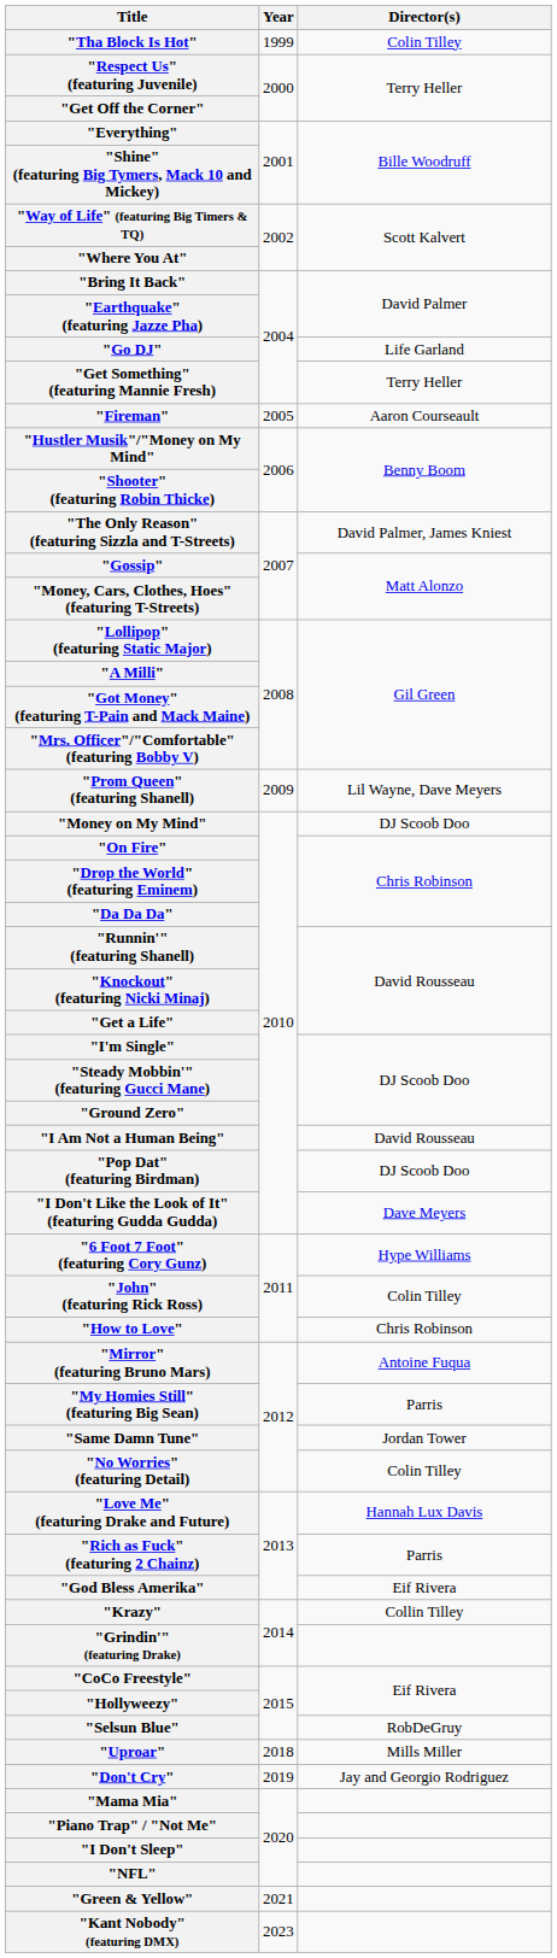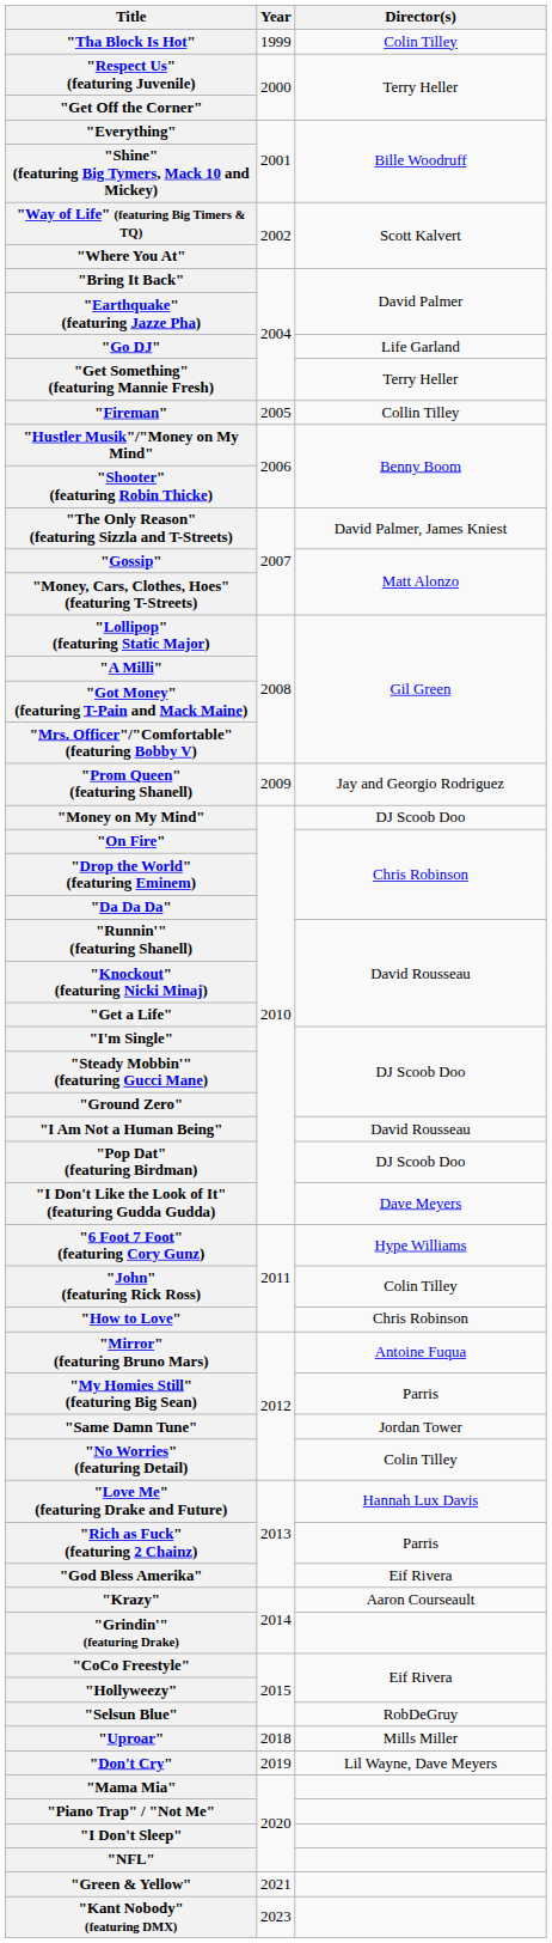 <table class="wikitable plainrowheaders" style="text-align:center;">
 <tr>
 <th scope="col" style="width:16em;">Title</th>
 <th scope="col">Year</th>
 <th scope="col" style="width:16em;">Director(s)</th>
 </tr>
 <tr>
 <th scope="row">"<a href='#'>Tha Block Is Hot</a>"</th>
 <td>1999</td>
 <td><a href='#'>Colin Tilley</a></td>
 </tr>
 <tr>
 <th scope="row">"<a href='#'>Respect Us</a>"<br><span>(featuring Juvenile)</span></th>
 <td rowspan="2">2000</td>
 <td rowspan="2">Terry Heller</td>
 </tr>
 <tr>
 <th scope="row">"Get Off the Corner"</th>
 </tr>
 <tr>
 <th scope="row">"Everything"</th>
 <td rowspan="2">2001</td>
 <td rowspan="2"><a href='#'>Bille Woodruff</a></td>
 </tr>
 <tr>
 <th scope="row">"Shine"<br><span>(featuring <a href='#'>Big Tymers</a>, <a href='#'>Mack 10</a> and Mickey)</span></th>
 </tr>
 <tr>
 <th scope="row">"<a href='#'>Way of Life</a>" <small>(featuring Big Timers & TQ)</small></th>
 <td rowspan="2">2002</td>
 <td rowspan="2">Scott Kalvert</td>
 </tr>
 <tr>
 <th scope="row">"Where You At"</th>
 </tr>
 <tr>
 <th scope="row">"Bring It Back"</th>
 <td rowspan="4">2004</td>
 <td rowspan="2">David Palmer</td>
 </tr>
 <tr>
 <th scope="row">"<a href='#'>Earthquake</a>"<br><span>(featuring <a href='#'>Jazze Pha</a>)</span></th>
 </tr>
 <tr>
 <th scope="row">"<a href='#'>Go DJ</a>"</th>
 <td>Life Garland</td>
 </tr>
 <tr>
 <th scope="row">"Get Something"<br><span>(featuring Mannie Fresh)</span></th>
 <td>Terry Heller</td>
 </tr>
 <tr>
 <th scope="row">"<a href='#'>Fireman</a>"</th>
 <td>2005</td>
-<td>Aaron Courseault</td>
+<td>Collin Tilley</td>
 </tr>
 <tr>
 <th scope="row">"<a href='#'>Hustler Musik</a>"/"Money on My Mind"</th>
 <td rowspan="2">2006</td>
 <td rowspan="2"><a href='#'>Benny Boom</a></td>
 </tr>
 <tr>
 <th scope="row">"<a href='#'>Shooter</a>"<br><span>(featuring <a href='#'>Robin Thicke</a>)</span></th>
 </tr>
 <tr>
 <th scope="row">"The Only Reason"<br><span>(featuring Sizzla and T-Streets)</span></th>
 <td rowspan="3">2007</td>
 <td>David Palmer, James Kniest</td>
 </tr>
 <tr>
 <th scope="row">"<a href='#'>Gossip</a>"</th>
 <td rowspan="2"><a href='#'>Matt Alonzo</a></td>
 </tr>
 <tr>
 <th scope="row">"Money, Cars, Clothes, Hoes"<br><span>(featuring T-Streets)</span></th>
 </tr>
 <tr>
 <th scope="row">"<a href='#'>Lollipop</a>"<br><span>(featuring <a href='#'>Static Major</a>)</span></th>
 <td rowspan="4">2008</td>
 <td rowspan="4"><a href='#'>Gil Green</a></td>
 </tr>
 <tr>
 <th scope="row">"<a href='#'>A Milli</a>"</th>
 </tr>
 <tr>
 <th scope="row">"<a href='#'>Got Money</a>"<br><span>(featuring <a href='#'>T-Pain</a> and <a href='#'>Mack Maine</a>)</span></th>
 </tr>
 <tr>
 <th scope="row">"<a href='#'>Mrs. Officer</a>"/"Comfortable"<br><span>(featuring <a href='#'>Bobby V</a>)</span></th>
 </tr>
 <tr>
 <th scope="row">"<a href='#'>Prom Queen</a>"<br><span>(featuring Shanell)</span></th>
 <td>2009</td>
-<td>Lil Wayne, Dave Meyers</td>
+<td>Jay and Georgio Rodriguez</td>
 </tr>
 <tr>
 <th scope="row">"Money on My Mind"</th>
 <td rowspan="13">2010</td>
 <td>DJ Scoob Doo</td>
 </tr>
 <tr>
 <th scope="row">"<a href='#'>On Fire</a>"</th>
 <td rowspan="3"><a href='#'>Chris Robinson</a></td>
 </tr>
 <tr>
 <th scope="row">"<a href='#'>Drop the World</a>"<br><span>(featuring <a href='#'>Eminem</a>)</span></th>
 </tr>
 <tr>
 <th scope="row">"<a href='#'>Da Da Da</a>"</th>
 </tr>
 <tr>
 <th scope="row">"Runnin'"<br><span>(featuring Shanell)</span></th>
 <td rowspan="3">David Rousseau</td>
 </tr>
 <tr>
 <th scope="row">"<a href='#'>Knockout</a>"<br><span>(featuring <a href='#'>Nicki Minaj</a>)</span></th>
 </tr>
 <tr>
 <th scope="row">"Get a Life"</th>
 </tr>
 <tr>
 <th scope="row">"I'm Single"</th>
 <td rowspan="3">DJ Scoob Doo</td>
 </tr>
 <tr>
 <th scope="row">"Steady Mobbin'"<br><span>(featuring <a href='#'>Gucci Mane</a>)</span></th>
 </tr>
 <tr>
 <th scope="row">"Ground Zero"</th>
 </tr>
 <tr>
 <th scope="row">"I Am Not a Human Being"</th>
 <td>David Rousseau</td>
 </tr>
 <tr>
 <th scope="row">"Pop Dat"<br><span>(featuring Birdman)</span></th>
 <td>DJ Scoob Doo</td>
 </tr>
 <tr>
 <th scope="row">"I Don't Like the Look of It"<br><span>(featuring Gudda Gudda)</span></th>
 <td><a href='#'>Dave Meyers</a></td>
 </tr>
 <tr>
 <th scope="row">"<a href='#'>6 Foot 7 Foot</a>"<br><span>(featuring <a href='#'>Cory Gunz</a>)</span></th>
 <td rowspan="3">2011</td>
 <td><a href='#'>Hype Williams</a></td>
 </tr>
 <tr>
 <th scope="row">"<a href='#'>John</a>"<br><span>(featuring Rick Ross)</span></th>
 <td>Colin Tilley</td>
 </tr>
 <tr>
 <th scope="row">"<a href='#'>How to Love</a>"</th>
 <td>Chris Robinson</td>
 </tr>
 <tr>
 <th scope="row">"<a href='#'>Mirror</a>"<br><span>(featuring Bruno Mars)</span></th>
 <td rowspan="4">2012</td>
 <td><a href='#'>Antoine Fuqua</a></td>
 </tr>
 <tr>
 <th scope="row">"<a href='#'>My Homies Still</a>"<br><span>(featuring Big Sean)</span></th>
 <td>Parris</td>
 </tr>
 <tr>
 <th scope="row">"Same Damn Tune"</th>
 <td>Jordan Tower</td>
 </tr>
 <tr>
 <th scope="row">"<a href='#'>No Worries</a>"<br><span>(featuring Detail)</span></th>
 <td>Colin Tilley</td>
 </tr>
 <tr>
 <th scope="row">"<a href='#'>Love Me</a>"<br><span>(featuring Drake and Future)</span></th>
 <td rowspan="3">2013</td>
 <td><a href='#'>Hannah Lux Davis</a></td>
 </tr>
 <tr>
 <th scope="row">"<a href='#'>Rich as Fuck</a>"<br><span>(featuring <a href='#'>2 Chainz</a>)</span></th>
 <td>Parris</td>
 </tr>
 <tr>
 <th scope="row">"God Bless Amerika"</th>
 <td>Eif Rivera</td>
 </tr>
 <tr>
 <th scope="row">"Krazy"</th>
 <td rowspan="2">2014</td>
-<td>Collin Tilley</td>
+<td>Aaron Courseault</td>
 </tr>
 <tr>
 <th>"Grindin'"<br><small>(featuring Drake)</small></th>
 <td></td>
 </tr>
 <tr>
 <th scope="row">"CoCo Freestyle"</th>
 <td rowspan="3">2015</td>
 <td rowspan="2">Eif Rivera</td>
 </tr>
 <tr>
 <th scope="row">"Hollyweezy"</th>
 </tr>
 <tr>
 <th scope="row">"Selsun Blue"</th>
 <td>RobDeGruy</td>
 </tr>
 <tr>
 <th scope="row">"<a href='#'>Uproar</a>"</th>
 <td>2018</td>
 <td rowspan="1">Mills Miller</td>
 </tr>
 <tr>
 <th scope="row">"<a href='#'>Don't Cry</a>"<br></th>
 <td>2019</td>
-<td>Jay and Georgio Rodriguez</td>
+<td>Lil Wayne, Dave Meyers</td>
 </tr>
 <tr>
 <th scope="row">"Mama Mia"</th>
 <td rowspan="4">2020</td>
 <td></td>
 </tr>
 <tr>
 <th scope="row">"Piano Trap" / "Not Me"</th>
 <td></td>
 </tr>
 <tr>
 <th scope="row">"I Don't Sleep"<br></th>
 <td></td>
 </tr>
 <tr>
 <th>"NFL"</th>
 <td></td>
 </tr>
 <tr>
 <th>"Green & Yellow"</th>
 <td>2021</td>
 <td></td>
 </tr>
 <tr>
 <th>"Kant Nobody"<br><small>(featuring DMX)</small></th>
 <td>2023</td>
 <td></td>
 </tr>
 </table>
